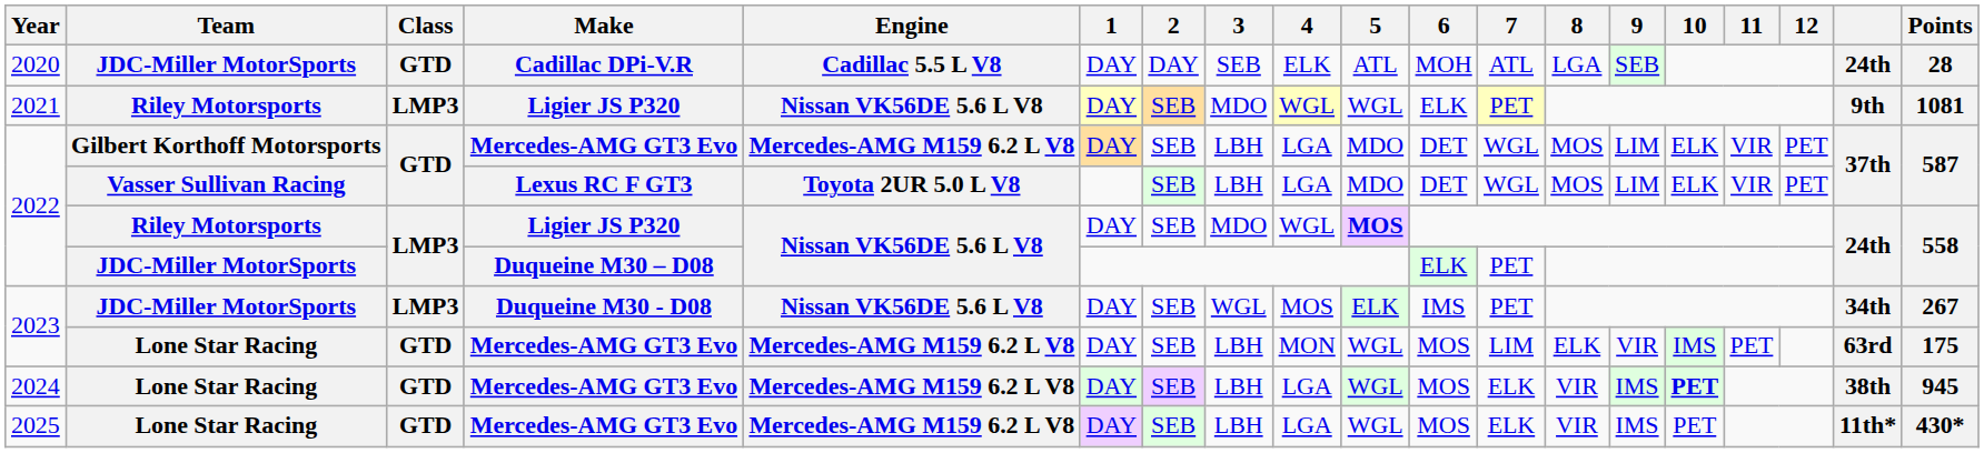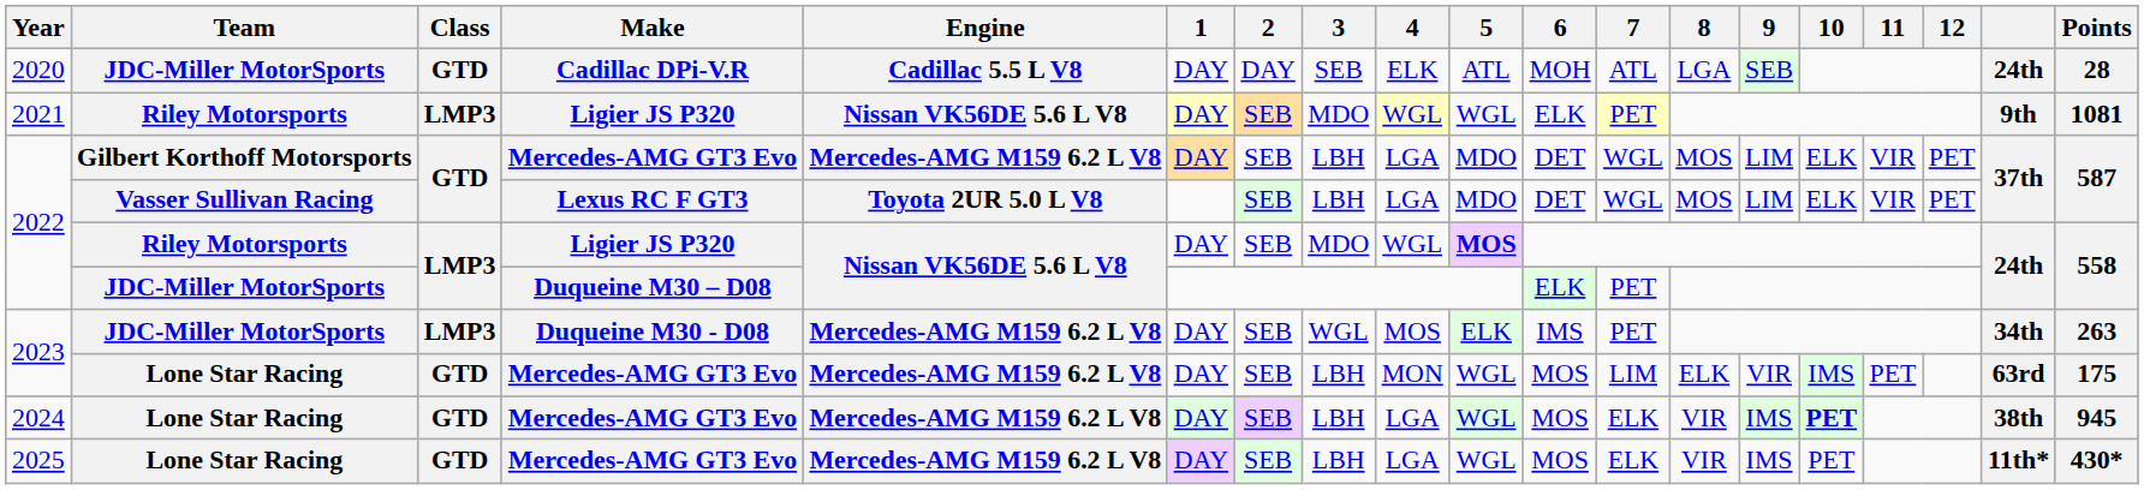 <table class="wikitable" style="text-align:center; font-size:85%">
 <tr>
 <th>Year</th>
 <th>Team</th>
 <th>Class</th>
 <th>Make</th>
 <th>Engine</th>
 <th>1</th>
 <th>2</th>
 <th>3</th>
 <th>4</th>
 <th>5</th>
 <th>6</th>
 <th>7</th>
 <th>8</th>
 <th>9</th>
 <th>10</th>
 <th>11</th>
 <th>12</th>
 <th></th>
 <th>Points</th>
 </tr>
 <tr>
 <td><a href='#'>2020</a></td>
 <th><a href='#'>JDC-Miller MotorSports</a></th>
 <th>GTD</th>
 <th><a href='#'>Cadillac DPi-V.R</a></th>
 <th><a href='#'>Cadillac</a> 5.5 L <a href='#'>V8</a></th>
 <td><a href='#'>DAY</a></td>
 <td><a href='#'>DAY</a></td>
 <td><a href='#'>SEB</a></td>
 <td><a href='#'>ELK</a></td>
 <td><a href='#'>ATL</a></td>
 <td><a href='#'>MOH</a></td>
 <td><a href='#'>ATL</a><br></td>
 <td><a href='#'>LGA</a></td>
 <td style="background:#DFFFDF;"><a href='#'>SEB</a><br></td>
 <td colspan="3"></td>
 <th>24th</th>
 <th>28</th>
 </tr>
 <tr>
 <td><a href='#'>2021</a></td>
 <th nowrap><a href='#'>Riley Motorsports</a></th>
 <th>LMP3</th>
 <th nowrap><a href='#'>Ligier JS P320</a></th>
 <th nowrap><a href='#'>Nissan VK56DE</a> 5.6 L V8</th>
 <td style="background:#FFFFBF;"><a href='#'>DAY</a><br></td>
 <td style="background:#FFDF9F;"><a href='#'>SEB</a><br></td>
 <td><a href='#'>MDO</a></td>
 <td style="background:#FFFFBF;"><a href='#'>WGL</a><br></td>
 <td><a href='#'>WGL</a></td>
 <td><a href='#'>ELK</a></td>
 <td style="background:#FFFFBF;"><a href='#'>PET</a><br></td>
 <td colspan="5"></td>
 <th>9th</th>
 <th>1081</th>
 </tr>
 <tr>
 <td rowspan="4"><a href='#'>2022</a></td>
 <th>Gilbert Korthoff Motorsports</th>
 <th rowspan="2">GTD</th>
 <th><a href='#'>Mercedes-AMG GT3 Evo</a></th>
 <th><a href='#'>Mercedes-AMG M159</a> 6.2 L <a href='#'>V8</a></th>
 <td style="background:#FFDF9F;"><a href='#'>DAY</a><br></td>
 <td><a href='#'>SEB</a></td>
 <td><a href='#'>LBH</a></td>
 <td><a href='#'>LGA</a></td>
 <td><a href='#'>MDO</a></td>
 <td><a href='#'>DET</a></td>
 <td><a href='#'>WGL</a></td>
 <td><a href='#'>MOS</a></td>
 <td><a href='#'>LIM</a></td>
 <td><a href='#'>ELK</a></td>
 <td><a href='#'>VIR</a></td>
 <td><a href='#'>PET</a></td>
 <th rowspan="2">37th</th>
 <th rowspan="2">587</th>
 </tr>
 <tr>
 <th><a href='#'>Vasser Sullivan Racing</a></th>
 <th><a href='#'>Lexus RC F GT3</a></th>
 <th><a href='#'>Toyota</a> 2UR 5.0 L <a href='#'>V8</a></th>
 <td></td>
 <td style="background:#DFFFDF;"><a href='#'>SEB</a><br></td>
 <td><a href='#'>LBH</a></td>
 <td><a href='#'>LGA</a></td>
 <td><a href='#'>MDO</a></td>
 <td><a href='#'>DET</a></td>
 <td><a href='#'>WGL</a></td>
 <td><a href='#'>MOS</a></td>
 <td><a href='#'>LIM</a></td>
 <td><a href='#'>ELK</a></td>
 <td><a href='#'>VIR</a></td>
 <td><a href='#'>PET</a></td>
 </tr>
 <tr>
 <th><a href='#'>Riley Motorsports</a></th>
 <th rowspan="2">LMP3</th>
 <th><a href='#'>Ligier JS P320</a></th>
 <th rowspan="2"><a href='#'>Nissan VK56DE</a> 5.6 L <a href='#'>V8</a></th>
 <td style="background:#;"><a href='#'>DAY</a></td>
 <td style="background:#;"><a href='#'>SEB</a></td>
 <td style="background:#;"><a href='#'>MDO</a></td>
 <td style="background:#;"><a href='#'>WGL</a></td>
 <td style="background:#EFCFFF;"><strong><a href='#'>MOS</a></strong><br></td>
 <td colspan="7"></td>
 <th rowspan="2">24th</th>
 <th rowspan="2">558</th>
 </tr>
 <tr>
 <th><a href='#'>JDC-Miller MotorSports</a></th>
 <th><a href='#'>Duqueine M30 – D08</a></th>
 <td colspan="5"></td>
 <td style="background:#DFFFDF;"><a href='#'>ELK</a><br></td>
 <td style="background:#;"><a href='#'>PET</a></td>
 <td colspan="5"></td>
 </tr>
 <tr>
 <td rowspan="2"><a href='#'>2023</a></td>
 <th><a href='#'>JDC-Miller MotorSports</a></th>
 <th>LMP3</th>
 <th><a href='#'>Duqueine M30 - D08</a></th>
-<th><a href='#'>Nissan VK56DE</a> 5.6 L <a href='#'>V8</a></th>
+<th><a href='#'>Mercedes-AMG M159</a> 6.2 L <a href='#'>V8</a></th>
 <td style="background:#;"><a href='#'>DAY</a></td>
 <td style="background:#;"><a href='#'>SEB</a></td>
 <td style="background:#;"><a href='#'>WGL</a></td>
 <td style="background:#;"><a href='#'>MOS</a></td>
 <td style="background:#DFFFDF;"><a href='#'>ELK</a><br></td>
 <td style="background:#;"><a href='#'>IMS</a></td>
 <td style="background:#;"><a href='#'>PET</a></td>
 <td colspan="5"></td>
 <th>34th</th>
-<th>267</th>
+<th>263</th>
 </tr>
 <tr>
 <th>Lone Star Racing</th>
 <th>GTD</th>
 <th><a href='#'>Mercedes-AMG GT3 Evo</a></th>
 <th><a href='#'>Mercedes-AMG M159</a> 6.2 L <a href='#'>V8</a></th>
 <td style="background:#;"><a href='#'>DAY</a><br></td>
 <td style="background:#;”"><a href='#'>SEB</a><br></td>
 <td style="background:#;”"><a href='#'>LBH</a><br></td>
 <td style="background:#;”"><a href='#'>MON</a><br></td>
 <td style="background:#;”"><a href='#'>WGL</a><br></td>
 <td style="background:#;”"><a href='#'>MOS</a><br></td>
 <td style="background:#;”"><a href='#'>LIM</a><br></td>
 <td style="background:#;”"><a href='#'>ELK</a><br></td>
 <td style="background:#;”"><a href='#'>VIR</a><br></td>
 <td style="background:#DFFFDF;”"><a href='#'>IMS</a><br></td>
 <td style="background:#;”"><a href='#'>PET</a><br></td>
 <td></td>
 <th>63rd</th>
 <th>175</th>
 </tr>
 <tr>
 <td><a href='#'>2024</a></td>
 <th nowrap>Lone Star Racing</th>
 <th>GTD</th>
 <th nowrap><a href='#'>Mercedes-AMG GT3 Evo</a></th>
 <th nowrap><a href='#'>Mercedes-AMG M159</a> 6.2 L V8</th>
 <td style="background:#DFFFDF;"><a href='#'>DAY</a><br></td>
 <td style="background:#EFCFFF;"><a href='#'>SEB</a><br></td>
 <td><a href='#'>LBH</a></td>
 <td><a href='#'>LGA</a></td>
 <td style="background:#DFFFDF;"><a href='#'>WGL</a><br></td>
 <td><a href='#'>MOS</a></td>
 <td><a href='#'>ELK</a></td>
 <td><a href='#'>VIR</a></td>
 <td style="background:#DFFFDF;"><a href='#'>IMS</a><br></td>
 <td style="background:#DFFFDF;"><strong><a href='#'>PET</a></strong><br></td>
 <td colspan="2"></td>
 <th>38th</th>
 <th>945</th>
 </tr>
 <tr>
 <td><a href='#'>2025</a></td>
 <th>Lone Star Racing</th>
 <th>GTD</th>
 <th><a href='#'>Mercedes-AMG GT3 Evo</a></th>
 <th><a href='#'>Mercedes-AMG M159</a> 6.2 L V8</th>
 <td style="background:#EFCFFF;"><a href='#'>DAY</a><br></td>
 <td style="background:#dfffdf;"><a href='#'>SEB</a><br></td>
 <td><a href='#'>LBH</a></td>
 <td><a href='#'>LGA</a></td>
 <td><a href='#'>WGL</a></td>
 <td><a href='#'>MOS</a></td>
 <td><a href='#'>ELK</a></td>
 <td><a href='#'>VIR</a></td>
 <td><a href='#'>IMS</a></td>
 <td><a href='#'>PET</a></td>
 <td colspan="2"></td>
 <th>11th*</th>
 <th>430*</th>
 </tr>
 </table>
